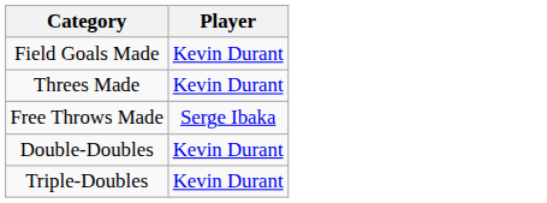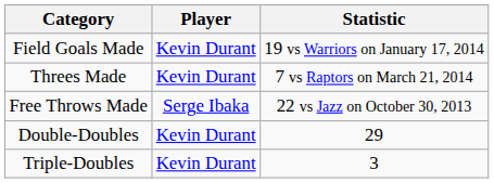 <table class="wikitable sortable sortable" style="text-align: center">
 <tr>
 <th>Category</th>
 <th>Player</th>
+<th>Statistic</th>
 </tr>
 <tr style="text-align: center">
 <td>Field Goals Made</td>
 <td><a href='#'>Kevin Durant</a></td>
+<td>19 <small>vs <a href='#'>Warriors</a> on January 17, 2014</small></td>
 </tr>
 <tr style="text-align: center">
 <td>Threes Made</td>
 <td><a href='#'>Kevin Durant</a></td>
+<td>7 <small>vs <a href='#'>Raptors</a> on March 21, 2014</small></td>
 </tr>
 <tr style="text-align: center">
 <td>Free Throws Made</td>
 <td><a href='#'>Serge Ibaka</a></td>
+<td>22 <small>vs <a href='#'>Jazz</a> on October 30, 2013</small></td>
 </tr>
 <tr style="text-align: center">
 <td>Double-Doubles</td>
 <td><a href='#'>Kevin Durant</a></td>
+<td>29</td>
 </tr>
 <tr style="text-align: center">
 <td>Triple-Doubles</td>
 <td><a href='#'>Kevin Durant</a></td>
+<td>3</td>
 </tr>
 </table>
